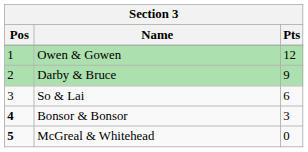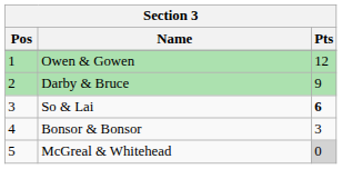 <table class="wikitable">
 <tr>
 <th colspan="6">Section 3</th>
 </tr>
 <tr>
 <th width=30>Pos</th>
 <th width=300>Name</th>
 <th width=20>Pts</th>
 </tr>
 <tr>
 </tr>
 <tr style="background:#ACE1AF;">
 <td>1</td>
 <td> Owen & Gowen</td>
 <td>12</td>
 </tr>
 <tr style="background:#ACE1AF;">
 <td>2</td>
 <td> Darby & Bruce</td>
 <td>9</td>
 </tr>
 <tr>
 <td>3</td>
 <td> So & Lai</td>
-<td>6</td>
+<td><strong>6</strong></td>
 </tr>
 <tr>
-<td><strong>4</strong></td>
+<td>4</td>
 <td> Bonsor & Bonsor</td>
 <td>3</td>
 </tr>
 <tr>
-<td><strong>5</strong></td>
+<td>5</td>
 <td> McGreal & Whitehead</td>
-<td>0</td>
+<td style="background: lightgrey;">0</td>
 </tr>
 </table>
